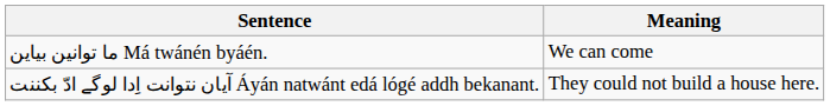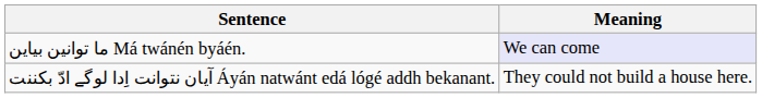 <table class="wikitable">
 <tr>
 <th>Sentence</th>
 <th>Meaning</th>
 </tr>
 <tr>
 <td>ما توانین بیاین Má twánén byáén.</td>
-<td>We can come</td>
+<td style="background: lavender;">We can come</td>
 </tr>
 <tr>
 <td>آیان نتوانت اِدا لوگے ادّ بکننت Áyán natwánt edá lógé addh bekanant.</td>
 <td>They could not build a house here.</td>
 </tr>
 </table>
